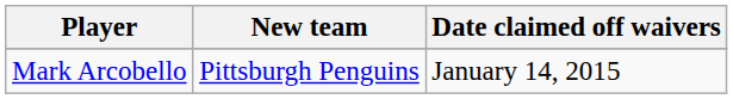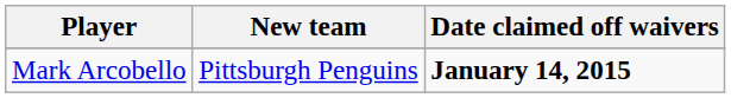 <table class="wikitable">
 <tr>
 <th>Player</th>
 <th>New team</th>
 <th>Date claimed off waivers</th>
 </tr>
 <tr>
 </tr>
 <tr>
 <td><a href='#'>Mark Arcobello</a></td>
 <td><a href='#'>Pittsburgh Penguins</a></td>
-<td>January 14, 2015</td>
+<td><strong>January 14, 2015</strong></td>
 </tr>
 </table>
